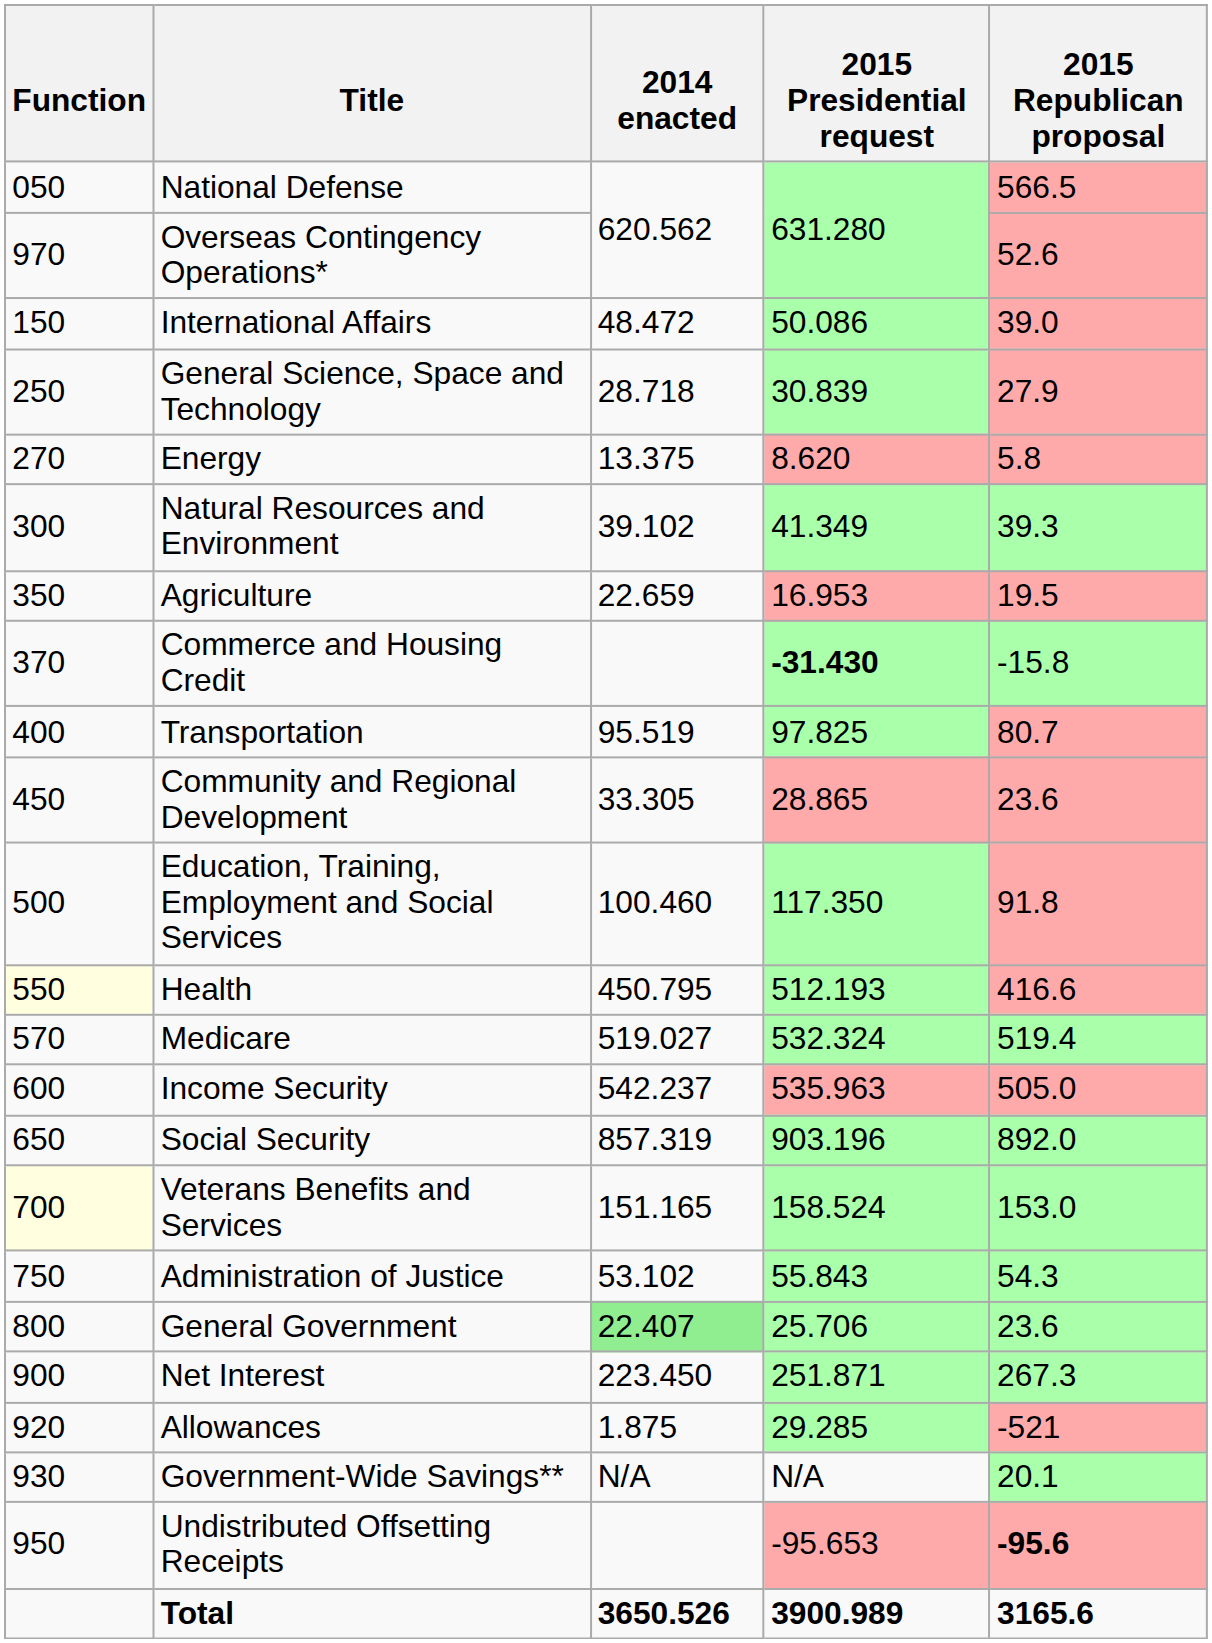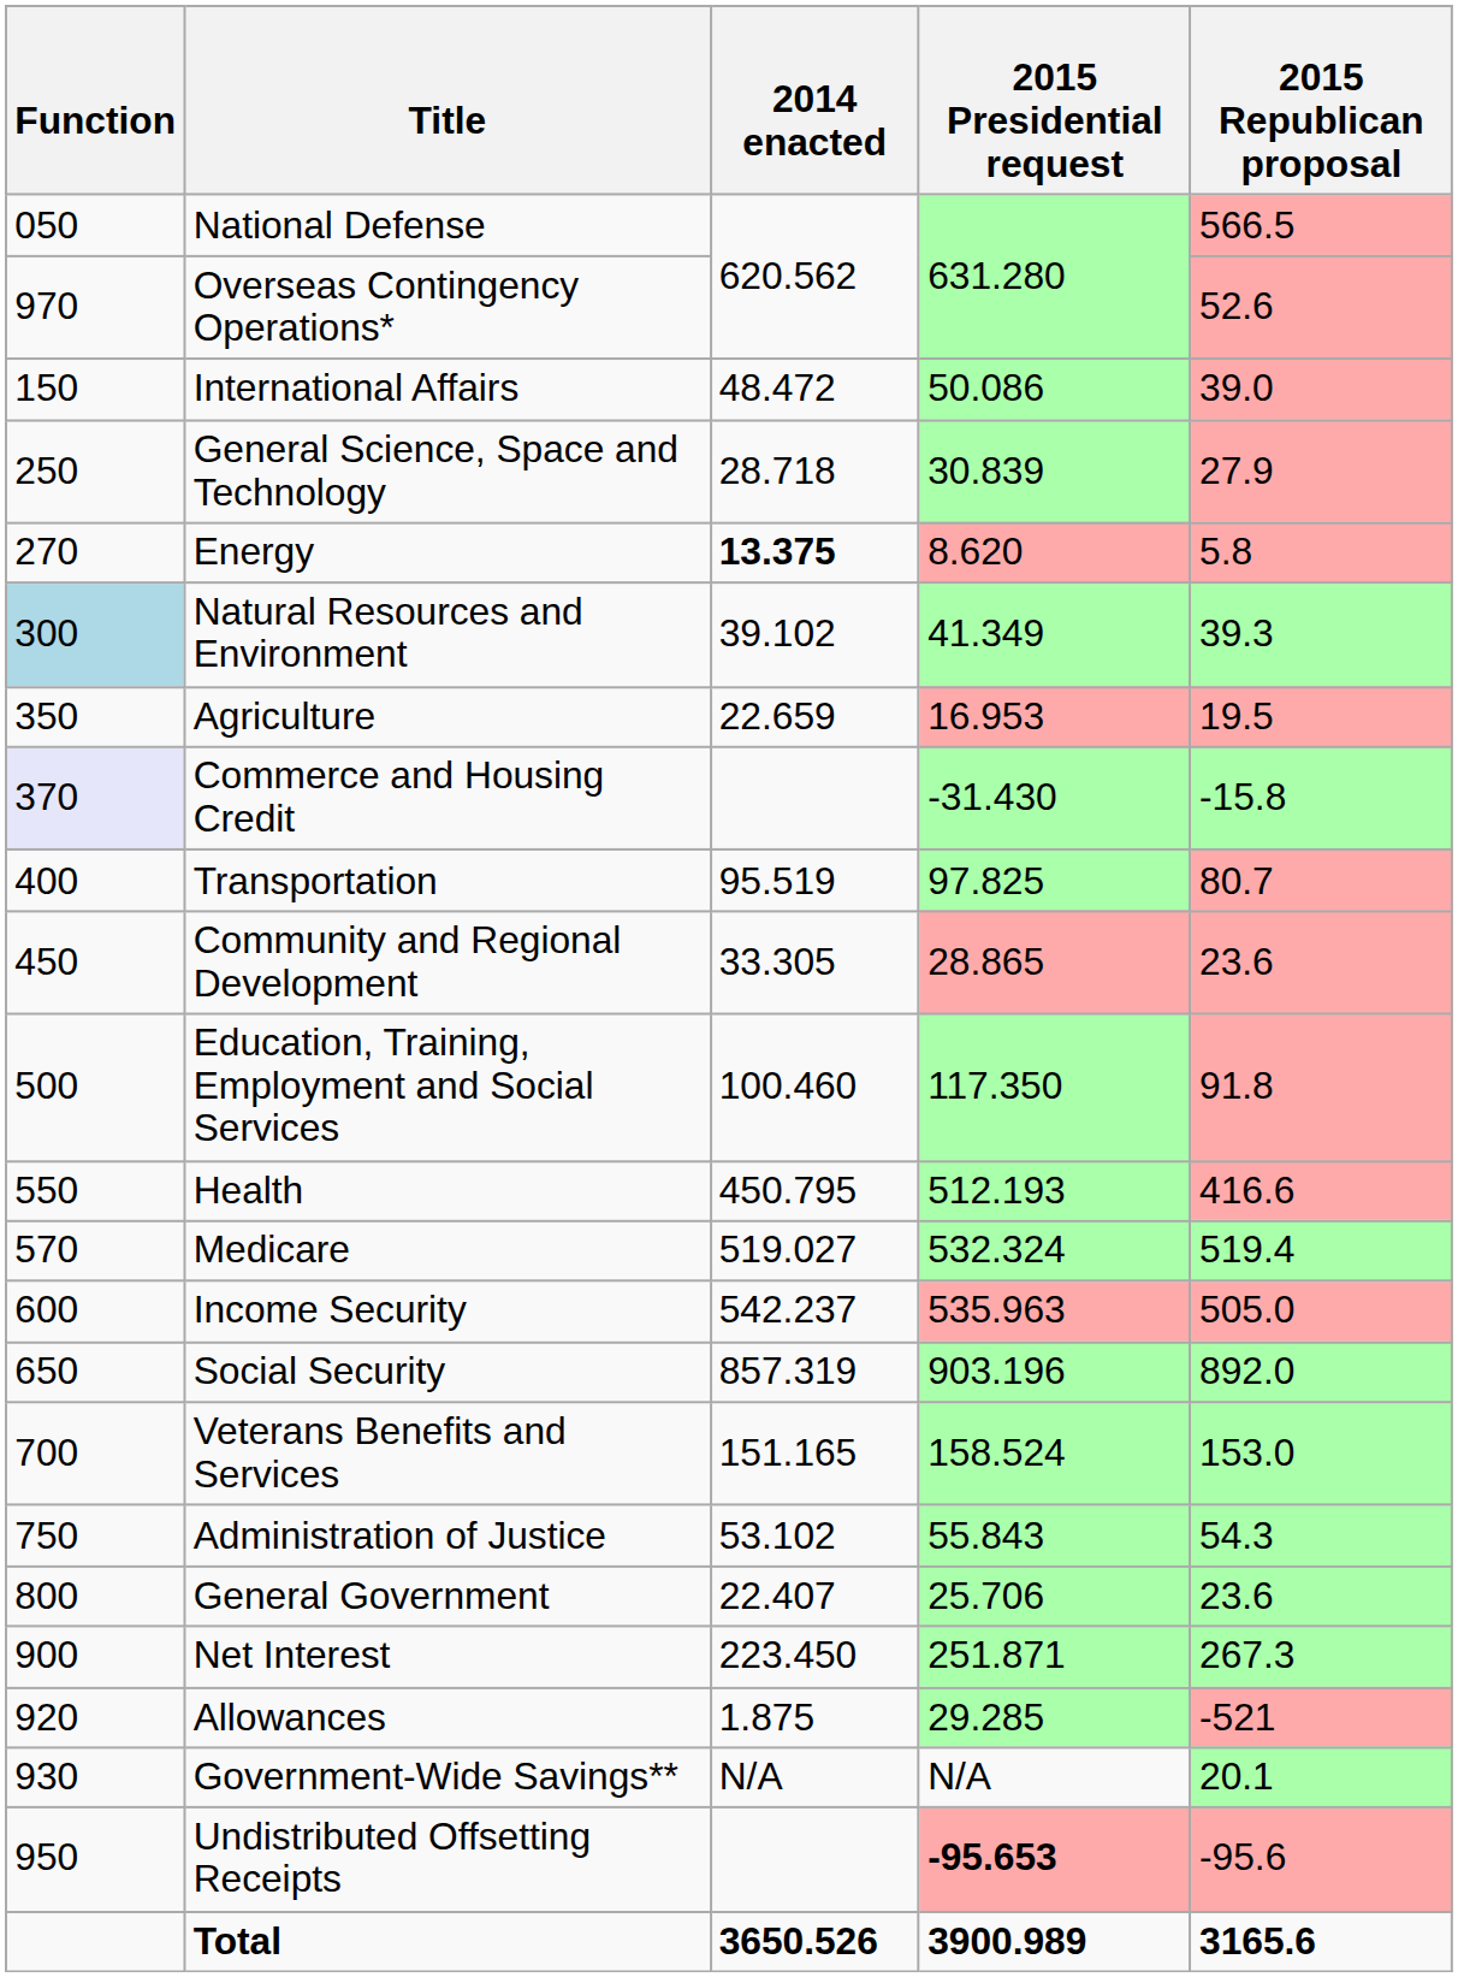 <table class="wikitable sortable">
 <tr>
 <th><br>Function</th>
 <th><br>Title</th>
 <th><br>2014 enacted</th>
 <th><br>2015 Presidential<br>request</th>
 <th><br>2015 Republican<br>proposal</th>
 </tr>
 <tr>
 <td>050</td>
 <td style="text-align: left">National Defense</td>
 <td rowspan="2">620.562</td>
 <td rowspan="2" bgcolor="#AAFFAA">631.280</td>
 <td bgcolor="#FFAAAA">566.5</td>
 </tr>
 <tr>
 <td>970</td>
 <td style="text-align: left">Overseas Contingency Operations*</td>
 <td bgcolor="#FFAAAA">52.6</td>
 </tr>
 <tr>
 <td>150</td>
 <td style="text-align: left">International Affairs</td>
 <td>48.472</td>
 <td bgcolor="#AAFFAA">50.086</td>
 <td bgcolor="#FFAAAA">39.0</td>
 </tr>
 <tr>
 <td>250</td>
 <td style="text-align: left">General Science, Space and Technology</td>
 <td>28.718</td>
 <td bgcolor="#AAFFAA">30.839</td>
 <td bgcolor="#FFAAAA">27.9</td>
 </tr>
 <tr>
 <td>270</td>
 <td style="text-align: left">Energy</td>
-<td>13.375</td>
+<td><strong>13.375</strong></td>
 <td bgcolor="#FFAAAA">8.620</td>
 <td bgcolor="#FFAAAA">5.8</td>
 </tr>
 <tr>
-<td>300</td>
+<td style="background: lightblue;">300</td>
 <td style="text-align: left">Natural Resources and Environment</td>
 <td>39.102</td>
 <td bgcolor="#AAFFAA">41.349</td>
 <td bgcolor="#AAFFAA">39.3</td>
 </tr>
 <tr>
 <td>350</td>
 <td style="text-align: left">Agriculture</td>
 <td>22.659</td>
 <td bgcolor="#FFAAAA">16.953</td>
 <td bgcolor="#FFAAAA">19.5</td>
 </tr>
 <tr>
-<td>370</td>
+<td style="background: lavender;">370</td>
 <td style="text-align: left">Commerce and Housing Credit</td>
 <td></td>
-<td bgcolor="#AAFFAA"><strong>-31.430</strong></td>
+<td bgcolor="#AAFFAA">-31.430</td>
 <td bgcolor="#AAFFAA">-15.8</td>
 </tr>
 <tr>
 <td>400</td>
 <td style="text-align: left">Transportation</td>
 <td>95.519</td>
 <td bgcolor="#AAFFAA">97.825</td>
 <td bgcolor="#FFAAAA">80.7</td>
 </tr>
 <tr>
 <td>450</td>
 <td style="text-align: left">Community and Regional Development</td>
 <td>33.305</td>
 <td bgcolor="#FFAAAA">28.865</td>
 <td bgcolor="#FFAAAA">23.6</td>
 </tr>
 <tr>
 <td>500</td>
 <td style="text-align: left">Education, Training, Employment and Social Services</td>
 <td>100.460</td>
 <td bgcolor="#AAFFAA">117.350</td>
 <td bgcolor="#FFAAAA">91.8</td>
 </tr>
 <tr>
-<td style="background: lightyellow;">550</td>
+<td>550</td>
 <td style="text-align: left">Health</td>
 <td>450.795</td>
 <td bgcolor="#AAFFAA">512.193</td>
 <td bgcolor="#FFAAAA">416.6</td>
 </tr>
 <tr>
 <td>570</td>
 <td style="text-align: left">Medicare</td>
 <td>519.027</td>
 <td bgcolor="#AAFFAA">532.324</td>
 <td bgcolor="#AAFFAA">519.4</td>
 </tr>
 <tr>
 <td>600</td>
 <td style="text-align: left">Income Security</td>
 <td>542.237</td>
 <td bgcolor="#FFAAAA">535.963</td>
 <td bgcolor="#FFAAAA">505.0</td>
 </tr>
 <tr>
 <td>650</td>
 <td style="text-align: left">Social Security</td>
 <td>857.319</td>
 <td bgcolor="#AAFFAA">903.196</td>
 <td bgcolor="#AAFFAA">892.0</td>
 </tr>
 <tr>
-<td style="background: lightyellow;">700</td>
+<td>700</td>
 <td style="text-align: left">Veterans Benefits and Services</td>
 <td>151.165</td>
 <td bgcolor="#AAFFAA">158.524</td>
 <td bgcolor="#AAFFAA">153.0</td>
 </tr>
 <tr>
 <td>750</td>
 <td style="text-align: left">Administration of Justice</td>
 <td>53.102</td>
 <td bgcolor="#AAFFAA">55.843</td>
 <td bgcolor="#AAFFAA">54.3</td>
 </tr>
 <tr>
 <td>800</td>
 <td style="text-align: left">General Government</td>
-<td style="background: lightgreen;">22.407</td>
+<td>22.407</td>
 <td bgcolor="#AAFFAA">25.706</td>
 <td bgcolor="#AAFFAA">23.6</td>
 </tr>
 <tr>
 <td>900</td>
 <td style="text-align: left">Net Interest</td>
 <td>223.450</td>
 <td bgcolor="#AAFFAA">251.871</td>
 <td bgcolor="#AAFFAA">267.3</td>
 </tr>
 <tr>
 <td>920</td>
 <td style="text-align: left">Allowances</td>
 <td>1.875</td>
 <td bgcolor="#AAFFAA">29.285</td>
 <td bgcolor="#FFAAAA">-521</td>
 </tr>
 <tr>
 <td>930</td>
 <td style="text-align: left">Government-Wide Savings**</td>
 <td>N/A</td>
 <td>N/A</td>
 <td bgcolor="#AAFFAA">20.1</td>
 </tr>
 <tr>
 <td>950</td>
 <td style="text-align: left">Undistributed Offsetting Receipts</td>
 <td></td>
-<td bgcolor="#FFAAAA">-95.653</td>
-<td bgcolor="#FFAAAA"><strong>-95.6</strong></td>
+<td bgcolor="#FFAAAA"><strong>-95.653</strong></td>
+<td bgcolor="#FFAAAA">-95.6</td>
 </tr>
 <tr class="sortbottom">
 <td></td>
 <td style="text-align: left"><strong>Total</strong></td>
 <td><strong>3650.526</strong></td>
 <td><strong>3900.989</strong></td>
 <td><strong>3165.6</strong></td>
 </tr>
 </table>
